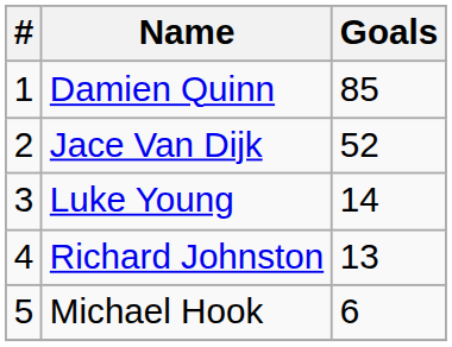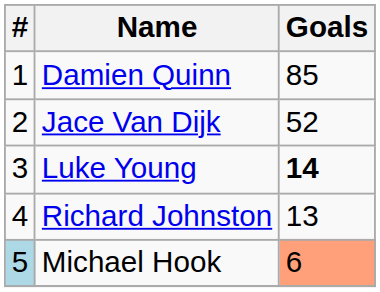 <table class="wikitable" style="text-align:left;">
 <tr>
 <th>#</th>
 <th>Name</th>
 <th>Goals</th>
 </tr>
 <tr>
 <td>1</td>
 <td><a href='#'>Damien Quinn</a></td>
 <td>85</td>
 </tr>
 <tr>
 <td>2</td>
 <td><a href='#'>Jace Van Dijk</a></td>
 <td>52</td>
 </tr>
 <tr>
 <td>3</td>
 <td><a href='#'>Luke Young</a></td>
-<td>14</td>
+<td><strong>14</strong></td>
 </tr>
 <tr>
 <td>4</td>
 <td><a href='#'>Richard Johnston</a></td>
 <td>13</td>
 </tr>
 <tr>
-<td>5</td>
+<td style="background: lightblue;">5</td>
 <td>Michael Hook</td>
-<td>6</td>
+<td style="background: lightsalmon;">6</td>
 </tr>
 <tr>
 </tr>
 </table>
